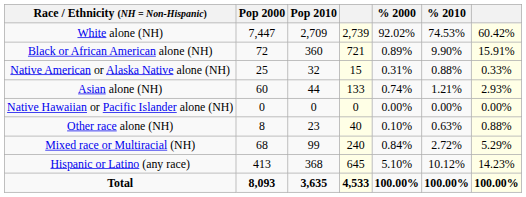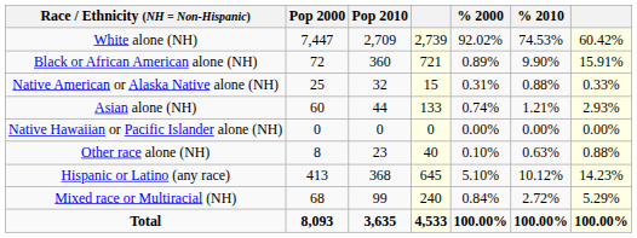 <table class="wikitable" style="text-align:center;">
 <tr>
 <th>Race / Ethnicity <small>(<em>NH = Non-Hispanic</em>)</small></th>
 <th>Pop 2000</th>
 <th>Pop 2010</th>
 <th></th>
 <th>% 2000</th>
 <th>% 2010</th>
 <th></th>
 </tr>
 <tr>
 <td><a href='#'>White</a> alone (NH)</td>
 <td>7,447</td>
 <td>2,709</td>
 <td style='background: #ffffe6;'>2,739</td>
 <td>92.02%</td>
 <td>74.53%</td>
 <td style='background: #ffffe6;'>60.42%</td>
 </tr>
 <tr>
 <td><a href='#'>Black or African American</a> alone (NH)</td>
 <td>72</td>
 <td>360</td>
 <td style='background: #ffffe6;'>721</td>
 <td>0.89%</td>
 <td>9.90%</td>
 <td style='background: #ffffe6;'>15.91%</td>
 </tr>
 <tr>
 <td><a href='#'>Native American</a> or <a href='#'>Alaska Native</a> alone (NH)</td>
 <td>25</td>
 <td>32</td>
 <td style='background: #ffffe6;'>15</td>
 <td>0.31%</td>
 <td>0.88%</td>
 <td style='background: #ffffe6;'>0.33%</td>
 </tr>
 <tr>
 <td><a href='#'>Asian</a> alone (NH)</td>
 <td>60</td>
 <td>44</td>
 <td style='background: #ffffe6;'>133</td>
 <td>0.74%</td>
 <td>1.21%</td>
 <td style='background: #ffffe6;'>2.93%</td>
 </tr>
 <tr>
 <td><a href='#'>Native Hawaiian</a> or <a href='#'>Pacific Islander</a> alone (NH)</td>
 <td>0</td>
 <td>0</td>
 <td style='background: #ffffe6;'>0</td>
 <td>0.00%</td>
 <td>0.00%</td>
 <td style='background: #ffffe6;'>0.00%</td>
 </tr>
 <tr>
 <td><a href='#'>Other race</a> alone (NH)</td>
 <td>8</td>
 <td>23</td>
 <td style='background: #ffffe6;'>40</td>
 <td>0.10%</td>
 <td>0.63%</td>
 <td style='background: #ffffe6;'>0.88%</td>
 </tr>
 <tr>
+<td><a href='#'>Hispanic or Latino</a> (any race)</td>
+<td>413</td>
+<td>368</td>
+<td style='background: #ffffe6;'>645</td>
+<td>5.10%</td>
+<td>10.12%</td>
+<td style='background: #ffffe6;'>14.23%</td>
+</tr>
+<tr>
 <td><a href='#'>Mixed race or Multiracial</a> (NH)</td>
 <td>68</td>
 <td>99</td>
 <td style='background: #ffffe6;'>240</td>
 <td>0.84%</td>
 <td>2.72%</td>
 <td style='background: #ffffe6;'>5.29%</td>
-</tr>
-<tr>
-<td><a href='#'>Hispanic or Latino</a> (any race)</td>
-<td>413</td>
-<td>368</td>
-<td style='background: #ffffe6;'>645</td>
-<td>5.10%</td>
-<td>10.12%</td>
-<td style='background: #ffffe6;'>14.23%</td>
 </tr>
 <tr>
 <td><strong>Total</strong></td>
 <td><strong>8,093</strong></td>
 <td><strong>3,635</strong></td>
 <td style='background: #ffffe6;'><strong>4,533</strong></td>
 <td><strong>100.00%</strong></td>
 <td><strong>100.00%</strong></td>
 <td style='background: #ffffe6;'><strong>100.00%</strong></td>
 </tr>
 </table>
